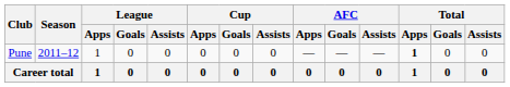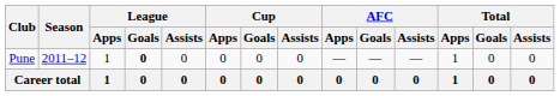 <table class="wikitable" style="font-size:90%; text-align:center;">
 <tr>
 <th rowspan="2">Club</th>
 <th rowspan="2">Season</th>
 <th colspan="3">League</th>
 <th colspan="3">Cup</th>
 <th colspan="3"><a href='#'>AFC</a></th>
 <th colspan="3">Total</th>
 </tr>
 <tr>
 <th>Apps</th>
 <th>Goals</th>
 <th>Assists</th>
 <th>Apps</th>
 <th>Goals</th>
 <th>Assists</th>
 <th>Apps</th>
 <th>Goals</th>
 <th>Assists</th>
 <th>Apps</th>
 <th>Goals</th>
 <th>Assists</th>
 </tr>
 <tr>
 <td rowspan="1"><a href='#'>Pune</a></td>
 <td><a href='#'>2011–12</a></td>
 <td>1</td>
-<td>0</td>
+<td><strong>0</strong></td>
 <td>0</td>
 <td>0</td>
 <td>0</td>
 <td>0</td>
 <td>—</td>
 <td>—</td>
 <td>—</td>
-<td><strong>1</strong></td>
+<td>1</td>
 <td>0</td>
 <td>0</td>
 </tr>
 <tr>
 <th colspan="2">Career total</th>
 <th>1</th>
 <th>0</th>
 <th>0</th>
 <th>0</th>
 <th>0</th>
 <th>0</th>
 <th>0</th>
 <th>0</th>
 <th>0</th>
 <th>1</th>
 <th>0</th>
 <th>0</th>
 </tr>
 </table>
